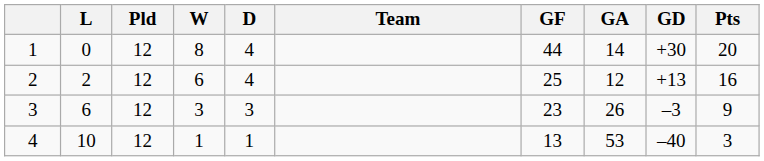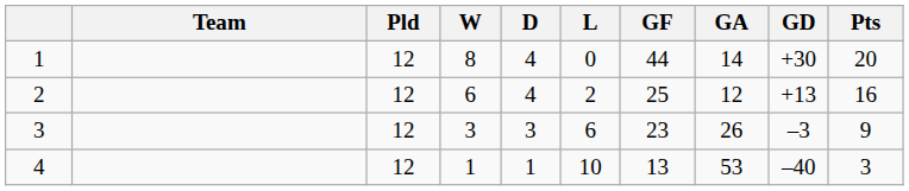 <table class="wikitable" style="text-align: center;">
 <tr>
 <th style="width: 40px;"></th>
-<th style="width: 35px;">L</th>
+<th style="width: 200px;">Team</th>
 <th style="width: 45px;">Pld</th>
 <th style="width: 35px;">W</th>
 <th style="width: 35px;">D</th>
-<th style="width: 200px;">Team</th>
+<th style="width: 35px;">L</th>
 <th style="width: 45px;">GF</th>
 <th style="width: 45px;">GA</th>
 <th style="width: 35px;">GD</th>
 <th style="width: 45px;">Pts</th>
 </tr>
 <tr>
 <td>1</td>
-<td>0</td>
+<td style="text-align: left;"></td>
 <td>12</td>
 <td>8</td>
 <td>4</td>
-<td style="text-align: left;"></td>
+<td>0</td>
 <td>44</td>
 <td>14</td>
 <td>+30</td>
 <td>20</td>
 </tr>
 <tr>
 <td>2</td>
-<td>2</td>
+<td style="text-align: left;"></td>
 <td>12</td>
 <td>6</td>
 <td>4</td>
-<td style="text-align: left;"></td>
+<td>2</td>
 <td>25</td>
 <td>12</td>
 <td>+13</td>
 <td>16</td>
 </tr>
 <tr>
 <td>3</td>
-<td>6</td>
+<td style="text-align: left;"></td>
 <td>12</td>
 <td>3</td>
 <td>3</td>
-<td style="text-align: left;"></td>
+<td>6</td>
 <td>23</td>
 <td>26</td>
 <td>–3</td>
 <td>9</td>
 </tr>
 <tr>
 <td>4</td>
-<td>10</td>
+<td style="text-align: left;"></td>
 <td>12</td>
 <td>1</td>
 <td>1</td>
-<td style="text-align: left;"></td>
+<td>10</td>
 <td>13</td>
 <td>53</td>
 <td>–40</td>
 <td>3</td>
 </tr>
 </table>
